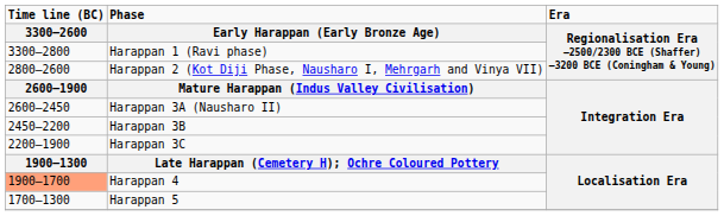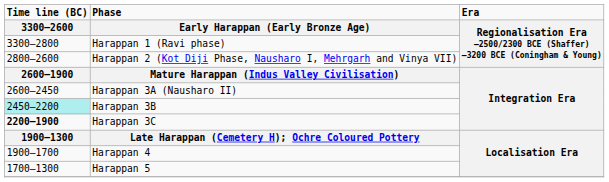 <table class="wikitable">
 <tr>
 <td><strong>Time line (BC)</strong></td>
 <td><strong>Phase</strong></td>
 <td><strong>Era</strong></td>
 </tr>
 <tr>
 <th>3300–2600</th>
 <th>Early Harappan (Early Bronze Age)</th>
 <th rowspan=3>Regionalisation Era<br><small>–2500/2300 BCE (Shaffer)<br>–3200 BCE (Coningham & Young)</small></th>
 </tr>
 <tr>
 <td>3300–2800</td>
 <td>Harappan 1 (Ravi phase)</td>
 </tr>
 <tr>
 <td>2800–2600</td>
 <td>Harappan 2 (<a href='#'>Kot Diji</a> Phase, <a href='#'>Nausharo</a> I, <a href='#'>Mehrgarh</a> and Vinya VII)</td>
 </tr>
 <tr>
 <th>2600–1900</th>
 <th>Mature Harappan (<a href='#'>Indus Valley Civilisation</a>)</th>
 <th rowspan=4>Integration Era</th>
 </tr>
 <tr>
 <td>2600–2450</td>
 <td>Harappan 3A (Nausharo II)</td>
 </tr>
 <tr>
-<td>2450–2200</td>
+<td style="background: paleturquoise;">2450–2200</td>
 <td>Harappan 3B</td>
 </tr>
 <tr>
-<td>2200–1900</td>
+<td><strong>2200–1900</strong></td>
 <td>Harappan 3C</td>
 </tr>
 <tr>
 <th>1900–1300</th>
 <th>Late Harappan (<a href='#'>Cemetery H</a>); <a href='#'>Ochre Coloured Pottery</a></th>
 <th rowspan=3>Localisation Era</th>
 </tr>
 <tr>
-<td style="background: lightsalmon;">1900–1700</td>
+<td>1900–1700</td>
 <td>Harappan 4</td>
 </tr>
 <tr>
 <td>1700–1300</td>
 <td>Harappan 5</td>
 </tr>
 <tr>
 </tr>
 </table>
